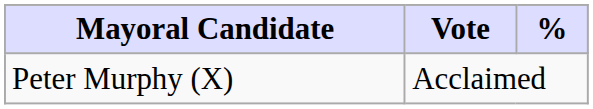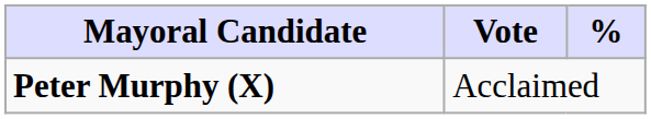 <table class="wikitable">
 <tr>
 <th style="background:#ddf; width:200px;">Mayoral Candidate</th>
 <th style="background:#ddf; width:50px;">Vote</th>
 <th style="background:#ddf; width:30px;">%</th>
 </tr>
 <tr>
-<td>Peter Murphy (X)</td>
+<td><strong>Peter Murphy (X)</strong></td>
 <td colspan="2">Acclaimed</td>
 </tr>
 </table>
